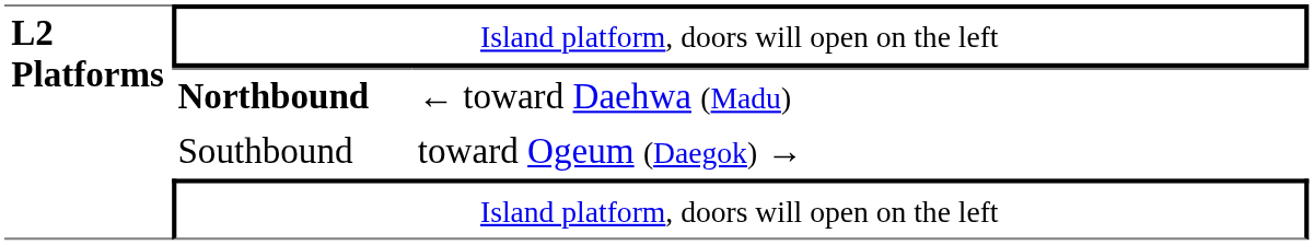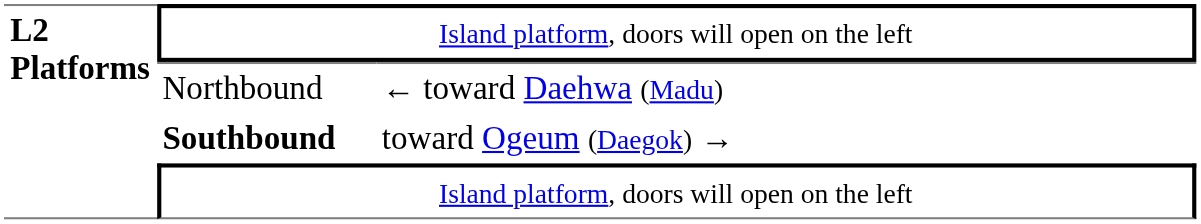 <table table border=0 cellspacing=0 cellpadding=3>
 <tr>
 <td style="border-top:solid 1px gray;border-bottom:solid 1px gray;" width=50 rowspan=10 valign=top><strong>L2<br>Platforms</strong></td>
 <td style="border-top:solid 2px black;border-right:solid 2px black;border-left:solid 2px black;border-bottom:solid 2px black;text-align:center;" colspan=2><small><a href='#'>Island platform</a>, doors will open on the left</small></td>
 </tr>
 <tr>
-<td style="border-bottom:solid 0px gray;border-top:solid 1px gray;" width=100><strong>Northbound</strong></td>
+<td style="border-bottom:solid 0px gray;border-top:solid 1px gray;" width=100>Northbound</td>
 <td style="border-bottom:solid 0px gray;border-top:solid 1px gray;" width=390>←  toward <a href='#'>Daehwa</a> <small>(<a href='#'>Madu</a>)</small></td>
 </tr>
 <tr>
-<td>Southbound</td>
+<td><strong>Southbound</strong></td>
 <td>  toward <a href='#'>Ogeum</a> <small>(<a href='#'>Daegok</a>)</small> →</td>
 </tr>
 <tr>
 <td style="border-top:solid 2px black;border-right:solid 2px black;border-left:solid 2px black;border-bottom:solid 1px gray;text-align:center;" colspan=2><small><a href='#'>Island platform</a>, doors will open on the left </small></td>
 </tr>
 </table>
